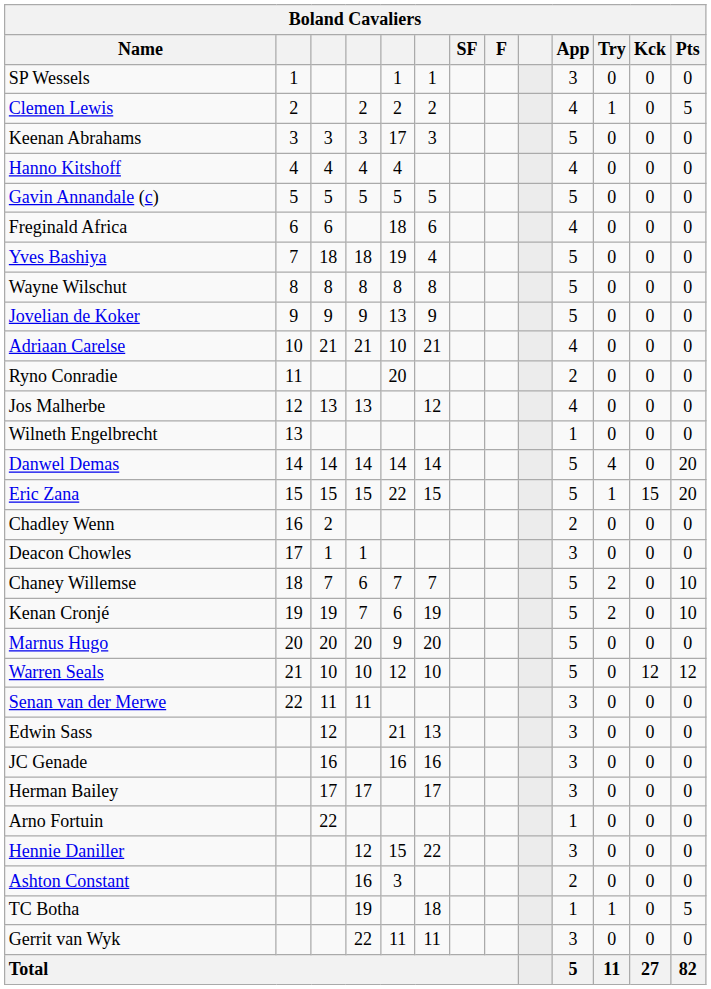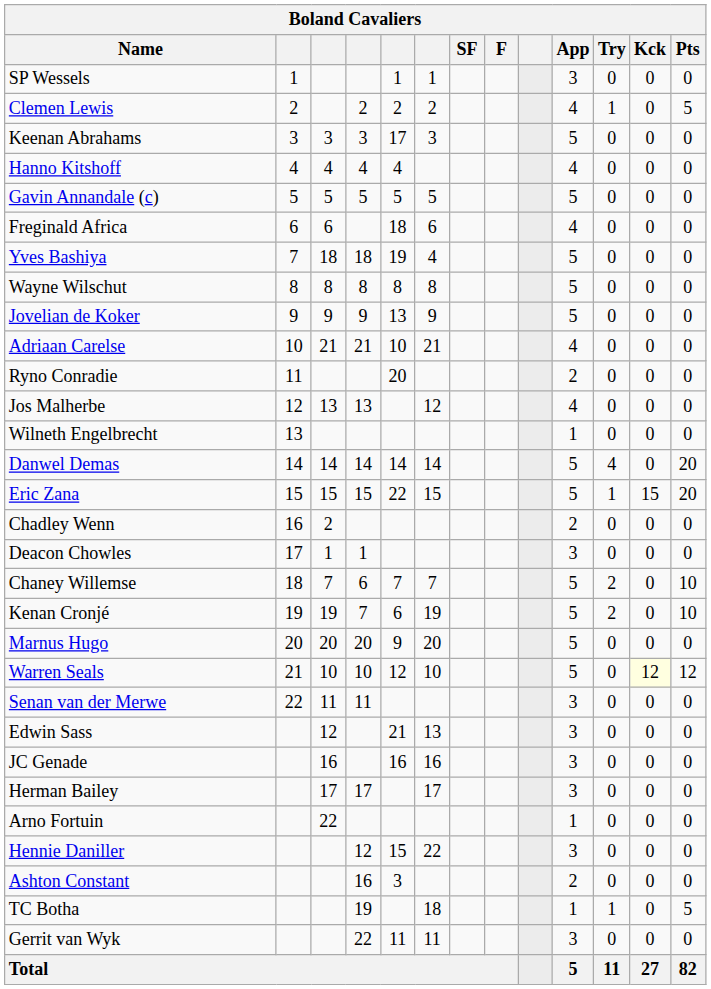 <table class="wikitable collapsible collapsed sortable" style="text-align:center; font-size:90%; width:90%">
 <tr>
 <th colspan="100%">Boland Cavaliers</th>
 </tr>
 <tr>
 <th style="width:40%;">Name</th>
 <th style="width:5%;"></th>
 <th style="width:5%;"></th>
 <th style="width:5%;"></th>
 <th style="width:5%;"></th>
 <th style="width:5%;"></th>
 <th style="width:5%;">SF</th>
 <th style="width:5%;">F</th>
 <th style="width:5%;"></th>
 <th style="width:5%;">App</th>
 <th style="width:5%;">Try</th>
 <th style="width:5%;">Kck</th>
 <th style="width:5%;">Pts</th>
 </tr>
 <tr>
 <td style="text-align:left;">SP Wessels</td>
 <td>1</td>
 <td></td>
 <td></td>
 <td>1</td>
 <td>1</td>
 <td></td>
 <td></td>
 <td style="background:#ECECEC;"></td>
 <td>3</td>
 <td>0</td>
 <td>0</td>
 <td>0</td>
 </tr>
 <tr>
 <td style="text-align:left;"><a href='#'>Clemen Lewis</a></td>
 <td>2</td>
 <td></td>
 <td>2</td>
 <td>2</td>
 <td>2</td>
 <td></td>
 <td></td>
 <td style="background:#ECECEC;"></td>
 <td>4</td>
 <td>1</td>
 <td>0</td>
 <td>5</td>
 </tr>
 <tr>
 <td style="text-align:left;">Keenan Abrahams</td>
 <td>3</td>
 <td>3</td>
 <td>3</td>
 <td>17 </td>
 <td>3</td>
 <td></td>
 <td></td>
 <td style="background:#ECECEC;"></td>
 <td>5</td>
 <td>0</td>
 <td>0</td>
 <td>0</td>
 </tr>
 <tr>
 <td style="text-align:left;"><a href='#'>Hanno Kitshoff</a></td>
 <td>4</td>
 <td>4</td>
 <td>4</td>
 <td>4</td>
 <td></td>
 <td></td>
 <td></td>
 <td style="background:#ECECEC;"></td>
 <td>4</td>
 <td>0</td>
 <td>0</td>
 <td>0</td>
 </tr>
 <tr>
 <td style="text-align:left;"><a href='#'>Gavin Annandale</a> (<a href='#'>c</a>)</td>
 <td>5</td>
 <td>5</td>
 <td>5</td>
 <td>5</td>
 <td>5</td>
 <td></td>
 <td></td>
 <td style="background:#ECECEC;"></td>
 <td>5</td>
 <td>0</td>
 <td>0</td>
 <td>0</td>
 </tr>
 <tr>
 <td style="text-align:left;">Freginald Africa</td>
 <td>6</td>
 <td>6</td>
 <td></td>
 <td>18 </td>
 <td>6</td>
 <td></td>
 <td></td>
 <td style="background:#ECECEC;"></td>
 <td>4</td>
 <td>0</td>
 <td>0</td>
 <td>0</td>
 </tr>
 <tr>
 <td style="text-align:left;"><a href='#'>Yves Bashiya</a></td>
 <td>7</td>
 <td>18 </td>
 <td>18 </td>
 <td>19 </td>
 <td>4</td>
 <td></td>
 <td></td>
 <td style="background:#ECECEC;"></td>
 <td>5</td>
 <td>0</td>
 <td>0</td>
 <td>0</td>
 </tr>
 <tr>
 <td style="text-align:left;">Wayne Wilschut</td>
 <td>8</td>
 <td>8</td>
 <td>8</td>
 <td>8</td>
 <td>8</td>
 <td></td>
 <td></td>
 <td style="background:#ECECEC;"></td>
 <td>5</td>
 <td>0</td>
 <td>0</td>
 <td>0</td>
 </tr>
 <tr>
 <td style="text-align:left;"><a href='#'>Jovelian de Koker</a></td>
 <td>9</td>
 <td>9</td>
 <td>9</td>
 <td>13</td>
 <td>9</td>
 <td></td>
 <td></td>
 <td style="background:#ECECEC;"></td>
 <td>5</td>
 <td>0</td>
 <td>0</td>
 <td>0</td>
 </tr>
 <tr>
 <td style="text-align:left;"><a href='#'>Adriaan Carelse</a></td>
 <td>10</td>
 <td>21 </td>
 <td>21 </td>
 <td>10</td>
 <td>21</td>
 <td></td>
 <td></td>
 <td style="background:#ECECEC;"></td>
 <td>4</td>
 <td>0</td>
 <td>0</td>
 <td>0</td>
 </tr>
 <tr>
 <td style="text-align:left;">Ryno Conradie</td>
 <td>11</td>
 <td></td>
 <td></td>
 <td>20 </td>
 <td></td>
 <td></td>
 <td></td>
 <td style="background:#ECECEC;"></td>
 <td>2</td>
 <td>0</td>
 <td>0</td>
 <td>0</td>
 </tr>
 <tr>
 <td style="text-align:left;">Jos Malherbe</td>
 <td>12</td>
 <td>13</td>
 <td>13</td>
 <td></td>
 <td>12</td>
 <td></td>
 <td></td>
 <td style="background:#ECECEC;"></td>
 <td>4</td>
 <td>0</td>
 <td>0</td>
 <td>0</td>
 </tr>
 <tr>
 <td style="text-align:left;">Wilneth Engelbrecht</td>
 <td>13</td>
 <td></td>
 <td></td>
 <td></td>
 <td></td>
 <td></td>
 <td></td>
 <td style="background:#ECECEC;"></td>
 <td>1</td>
 <td>0</td>
 <td>0</td>
 <td>0</td>
 </tr>
 <tr>
 <td style="text-align:left;"><a href='#'>Danwel Demas</a></td>
 <td>14</td>
 <td>14</td>
 <td>14</td>
 <td>14</td>
 <td>14</td>
 <td></td>
 <td></td>
 <td style="background:#ECECEC;"></td>
 <td>5</td>
 <td>4</td>
 <td>0</td>
 <td>20</td>
 </tr>
 <tr>
 <td style="text-align:left;"><a href='#'>Eric Zana</a></td>
 <td>15</td>
 <td>15</td>
 <td>15</td>
 <td>22 </td>
 <td>15</td>
 <td></td>
 <td></td>
 <td style="background:#ECECEC;"></td>
 <td>5</td>
 <td>1</td>
 <td>15</td>
 <td>20</td>
 </tr>
 <tr>
 <td style="text-align:left;">Chadley Wenn</td>
 <td>16 </td>
 <td>2</td>
 <td></td>
 <td></td>
 <td></td>
 <td></td>
 <td></td>
 <td style="background:#ECECEC;"></td>
 <td>2</td>
 <td>0</td>
 <td>0</td>
 <td>0</td>
 </tr>
 <tr>
 <td style="text-align:left;">Deacon Chowles</td>
 <td>17 </td>
 <td>1</td>
 <td>1</td>
 <td></td>
 <td></td>
 <td></td>
 <td></td>
 <td style="background:#ECECEC;"></td>
 <td>3</td>
 <td>0</td>
 <td>0</td>
 <td>0</td>
 </tr>
 <tr>
 <td style="text-align:left;">Chaney Willemse</td>
 <td>18 </td>
 <td>7</td>
 <td>6</td>
 <td>7</td>
 <td>7</td>
 <td></td>
 <td></td>
 <td style="background:#ECECEC;"></td>
 <td>5</td>
 <td>2</td>
 <td>0</td>
 <td>10</td>
 </tr>
 <tr>
 <td style="text-align:left;">Kenan Cronjé</td>
 <td>19 </td>
 <td>19 </td>
 <td>7</td>
 <td>6</td>
 <td>19</td>
 <td></td>
 <td></td>
 <td style="background:#ECECEC;"></td>
 <td>5</td>
 <td>2</td>
 <td>0</td>
 <td>10</td>
 </tr>
 <tr>
 <td style="text-align:left;"><a href='#'>Marnus Hugo</a></td>
 <td>20 </td>
 <td>20 </td>
 <td>20 </td>
 <td>9</td>
 <td>20 </td>
 <td></td>
 <td></td>
 <td style="background:#ECECEC;"></td>
 <td>5</td>
 <td>0</td>
 <td>0</td>
 <td>0</td>
 </tr>
 <tr>
 <td style="text-align:left;"><a href='#'>Warren Seals</a></td>
 <td>21 </td>
 <td>10</td>
 <td>10</td>
 <td>12</td>
 <td>10</td>
 <td></td>
 <td></td>
 <td style="background:#ECECEC;"></td>
 <td>5</td>
 <td>0</td>
-<td>12</td>
+<td style="background: lightyellow;">12</td>
 <td>12</td>
 </tr>
 <tr>
 <td style="text-align:left;"><a href='#'>Senan van der Merwe</a></td>
 <td>22 </td>
 <td>11</td>
 <td>11</td>
 <td></td>
 <td></td>
 <td></td>
 <td></td>
 <td style="background:#ECECEC;"></td>
 <td>3</td>
 <td>0</td>
 <td>0</td>
 <td>0</td>
 </tr>
 <tr>
 <td style="text-align:left;">Edwin Sass</td>
 <td></td>
 <td>12</td>
 <td></td>
 <td>21 </td>
 <td>13</td>
 <td></td>
 <td></td>
 <td style="background:#ECECEC;"></td>
 <td>3</td>
 <td>0</td>
 <td>0</td>
 <td>0</td>
 </tr>
 <tr>
 <td style="text-align:left;">JC Genade</td>
 <td></td>
 <td>16 </td>
 <td></td>
 <td>16 </td>
 <td>16 </td>
 <td></td>
 <td></td>
 <td style="background:#ECECEC;"></td>
 <td>3</td>
 <td>0</td>
 <td>0</td>
 <td>0</td>
 </tr>
 <tr>
 <td style="text-align:left;">Herman Bailey</td>
 <td></td>
 <td>17 </td>
 <td>17 </td>
 <td></td>
 <td>17 </td>
 <td></td>
 <td></td>
 <td style="background:#ECECEC;"></td>
 <td>3</td>
 <td>0</td>
 <td>0</td>
 <td>0</td>
 </tr>
 <tr>
 <td style="text-align:left;">Arno Fortuin</td>
 <td></td>
 <td>22 </td>
 <td></td>
 <td></td>
 <td></td>
 <td></td>
 <td></td>
 <td style="background:#ECECEC;"></td>
 <td>1</td>
 <td>0</td>
 <td>0</td>
 <td>0</td>
 </tr>
 <tr>
 <td style="text-align:left;"><a href='#'>Hennie Daniller</a></td>
 <td></td>
 <td></td>
 <td>12</td>
 <td>15</td>
 <td>22 </td>
 <td></td>
 <td></td>
 <td style="background:#ECECEC;"></td>
 <td>3</td>
 <td>0</td>
 <td>0</td>
 <td>0</td>
 </tr>
 <tr>
 <td style="text-align:left;"><a href='#'>Ashton Constant</a></td>
 <td></td>
 <td></td>
 <td>16 </td>
 <td>3</td>
 <td></td>
 <td></td>
 <td></td>
 <td style="background:#ECECEC;"></td>
 <td>2</td>
 <td>0</td>
 <td>0</td>
 <td>0</td>
 </tr>
 <tr>
 <td style="text-align:left;">TC Botha</td>
 <td></td>
 <td></td>
 <td>19 </td>
 <td></td>
 <td>18</td>
 <td></td>
 <td></td>
 <td style="background:#ECECEC;"></td>
 <td>1</td>
 <td>1</td>
 <td>0</td>
 <td>5</td>
 </tr>
 <tr>
 <td style="text-align:left;">Gerrit van Wyk</td>
 <td></td>
 <td></td>
 <td>22 </td>
 <td>11</td>
 <td>11</td>
 <td></td>
 <td></td>
 <td style="background:#ECECEC;"></td>
 <td>3</td>
 <td>0</td>
 <td>0</td>
 <td>0</td>
 </tr>
 <tr>
 <th colspan="8" style="text-align:left;">Total</th>
 <th style="background:#ECECEC;"></th>
 <th>5</th>
 <th>11</th>
 <th>27</th>
 <th>82</th>
 </tr>
 </table>
